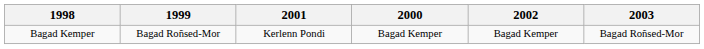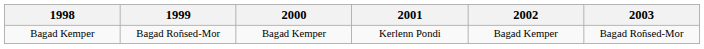 <table class="wikitable centre" width="800px" style="text-align:center;font-size:0.9em;table-layout:fixed;">
 <tr>
 <th scope="col">1998</th>
 <th scope="col">1999</th>
+<th scope="col">2000</th>
 <th scope="col">2001</th>
-<th scope="col">2000</th>
 <th scope="col">2002</th>
 <th scope="col">2003</th>
 </tr>
 <tr style="font-size:0.85em;">
 <td>Bagad Kemper</td>
 <td>Bagad Roñsed-Mor</td>
+<td>Bagad Kemper</td>
 <td>Kerlenn Pondi</td>
-<td>Bagad Kemper</td>
 <td>Bagad Kemper</td>
 <td>Bagad Roñsed-Mor</td>
 </tr>
 </table>
